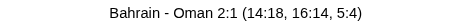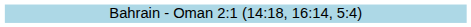 <table style="text-align:center">
 <tr>
 <th width=500></th>
 </tr>
 <tr>
-<td>Bahrain - Oman 2:1 (14:18, 16:14, 5:4)</td>
+<td style="background: lightblue;">Bahrain - Oman 2:1 (14:18, 16:14, 5:4)</td>
 </tr>
 <tr>
 </tr>
 </table>
